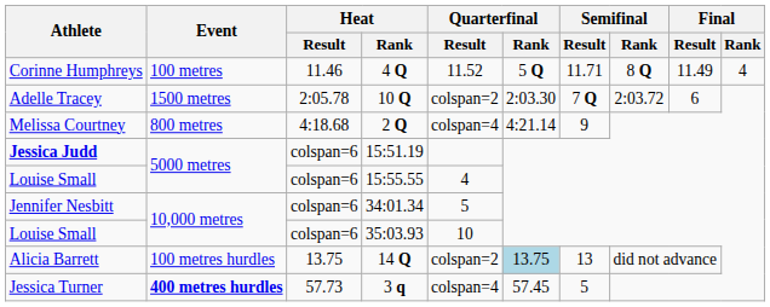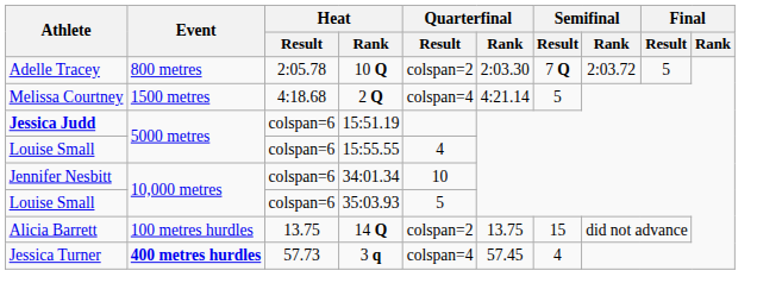 <table class=wikitable style="font-size:90%">
 <tr>
 <th rowspan="2">Athlete</th>
 <th rowspan="2">Event</th>
 <th colspan="2">Heat</th>
 <th colspan="2">Quarterfinal</th>
 <th colspan="2">Semifinal</th>
 <th colspan="2">Final</th>
 </tr>
 <tr style="font-size:95%">
 <th>Result</th>
 <th>Rank</th>
 <th>Result</th>
 <th>Rank</th>
 <th>Result</th>
 <th>Rank</th>
 <th>Result</th>
 <th>Rank</th>
 </tr>
 <tr align=center>
-<td align=left><a href='#'>Corinne Humphreys</a></td>
-<td align=left><a href='#'>100 metres</a></td>
-<td>11.46</td>
-<td>4 <strong>Q</strong></td>
-<td>11.52</td>
-<td>5 <strong>Q</strong></td>
-<td>11.71</td>
-<td>8 <strong>Q</strong></td>
-<td>11.49</td>
-<td>4</td>
-</tr>
-<tr align=center>
 <td align=left><a href='#'>Adelle Tracey</a></td>
-<td align=left><a href='#'>1500 metres</a></td>
+<td align=left><a href='#'>800 metres</a></td>
 <td>2:05.78</td>
 <td>10 <strong>Q</strong></td>
 <td>colspan=2 </td>
 <td>2:03.30</td>
 <td>7 <strong>Q</strong></td>
 <td>2:03.72</td>
-<td>6</td>
+<td>5</td>
 </tr>
 <tr align=center>
 <td align=left><a href='#'>Melissa Courtney</a></td>
-<td align=left><a href='#'>800 metres</a></td>
+<td align=left><a href='#'>1500 metres</a></td>
 <td>4:18.68</td>
 <td>2 <strong>Q</strong></td>
 <td>colspan=4 </td>
 <td>4:21.14</td>
-<td>9</td>
+<td>5</td>
 </tr>
 <tr align=center>
 <td align=left><strong><a href='#'>Jessica Judd</a></strong></td>
 <td align=left rowspan=2><a href='#'>5000 metres</a></td>
 <td>colspan=6 </td>
 <td>15:51.19</td>
 <td></td>
 </tr>
 <tr align=center>
 <td align=left><a href='#'>Louise Small</a></td>
 <td>colspan=6 </td>
 <td>15:55.55</td>
 <td>4</td>
 </tr>
 <tr align=center>
 <td align=left><a href='#'>Jennifer Nesbitt</a></td>
 <td align=left rowspan=2><a href='#'>10,000 metres</a></td>
 <td>colspan=6 </td>
 <td>34:01.34</td>
-<td>5</td>
+<td>10</td>
 </tr>
 <tr align=center>
 <td align=left><a href='#'>Louise Small</a></td>
 <td>colspan=6 </td>
 <td>35:03.93</td>
-<td>10</td>
+<td>5</td>
 </tr>
 <tr align=center>
 <td align=left><a href='#'>Alicia Barrett</a></td>
 <td align=left><a href='#'>100 metres hurdles</a></td>
 <td>13.75</td>
 <td>14 <strong>Q</strong></td>
 <td>colspan=2 </td>
-<td style="background: lightblue;">13.75</td>
-<td>13</td>
+<td>13.75</td>
+<td>15</td>
 <td colspan=2>did not advance</td>
 </tr>
 <tr align=center>
 <td align=left><a href='#'>Jessica Turner</a></td>
 <td align=left><strong><a href='#'>400 metres hurdles</a></strong></td>
 <td>57.73</td>
 <td>3 <strong>q</strong></td>
 <td>colspan=4 </td>
 <td>57.45</td>
-<td>5</td>
+<td>4</td>
 </tr>
 </table>
